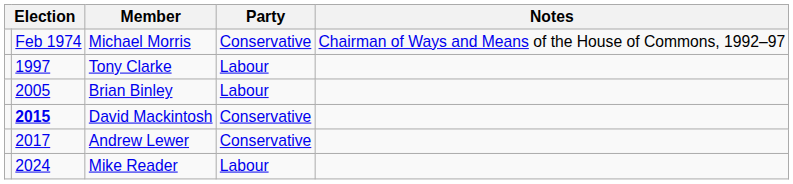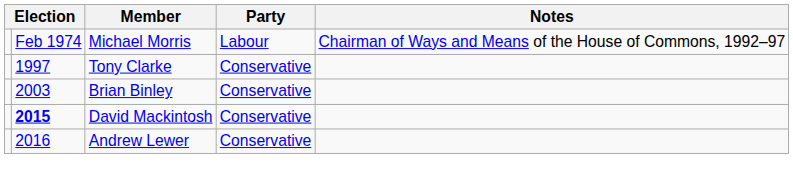 <table class="wikitable">
 <tr>
 <th colspan="2">Election</th>
 <th>Member</th>
 <th>Party</th>
 <th>Notes</th>
 </tr>
 <tr>
 <td style="color:inherit;background-color: "></td>
 <td><a href='#'>Feb 1974</a></td>
 <td><a href='#'>Michael Morris</a></td>
-<td><a href='#'>Conservative</a></td>
+<td><a href='#'>Labour</a></td>
 <td><a href='#'>Chairman of Ways and Means</a> of the House of Commons, 1992–97</td>
 </tr>
 <tr>
 <td style="color:inherit;background-color: "></td>
 <td><a href='#'>1997</a></td>
 <td><a href='#'>Tony Clarke</a></td>
-<td><a href='#'>Labour</a></td>
+<td><a href='#'>Conservative</a></td>
 <td></td>
 </tr>
 <tr>
 <td style="color:inherit;background-color: "></td>
-<td><a href='#'>2005</a></td>
+<td><a href='#'>2003</a></td>
 <td><a href='#'>Brian Binley</a></td>
-<td><a href='#'>Labour</a></td>
+<td><a href='#'>Conservative</a></td>
 <td></td>
 </tr>
 <tr>
 <td style="color:inherit;background-color: "></td>
 <td><strong><a href='#'>2015</a></strong></td>
 <td><a href='#'>David Mackintosh</a></td>
 <td><a href='#'>Conservative</a></td>
 <td></td>
 </tr>
 <tr>
 <td style="color:inherit;background-color: "></td>
-<td><a href='#'>2017</a></td>
+<td><a href='#'>2016</a></td>
 <td><a href='#'>Andrew Lewer</a></td>
 <td><a href='#'>Conservative</a></td>
 </tr>
-<tr>
-<td style="color:inherit;background-color: "></td>
-<td><a href='#'>2024</a></td>
-<td><a href='#'>Mike Reader</a></td>
-<td><a href='#'>Labour</a></td>
-<td></td>
-</tr>
 </table>
